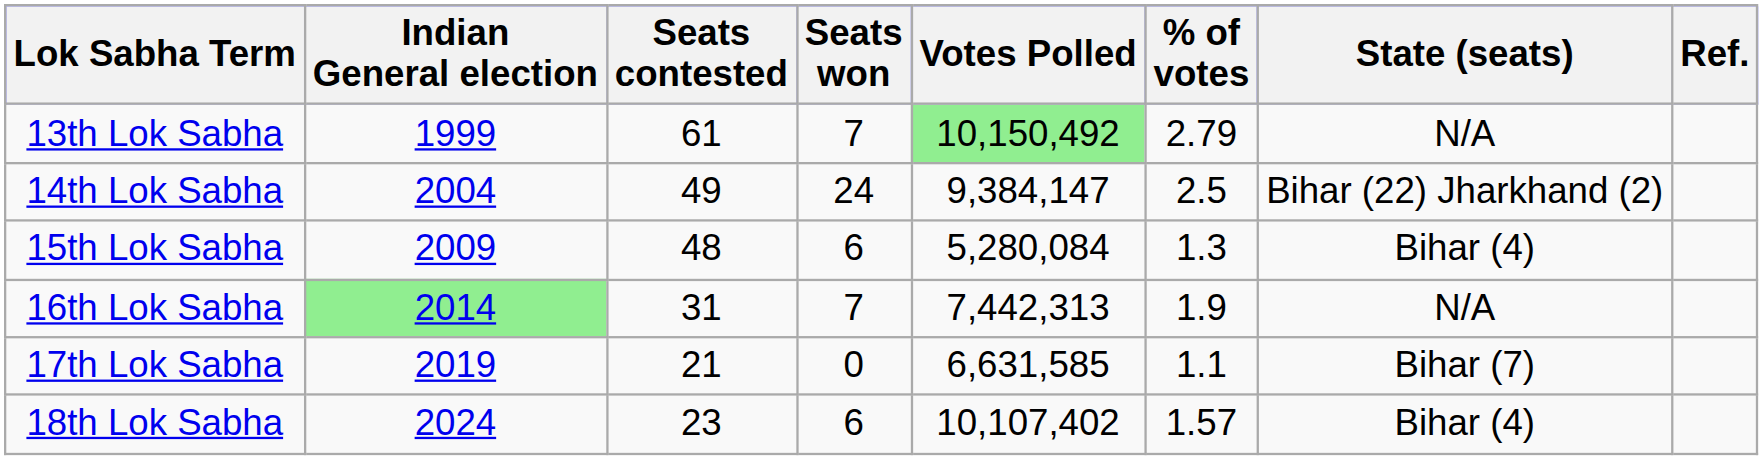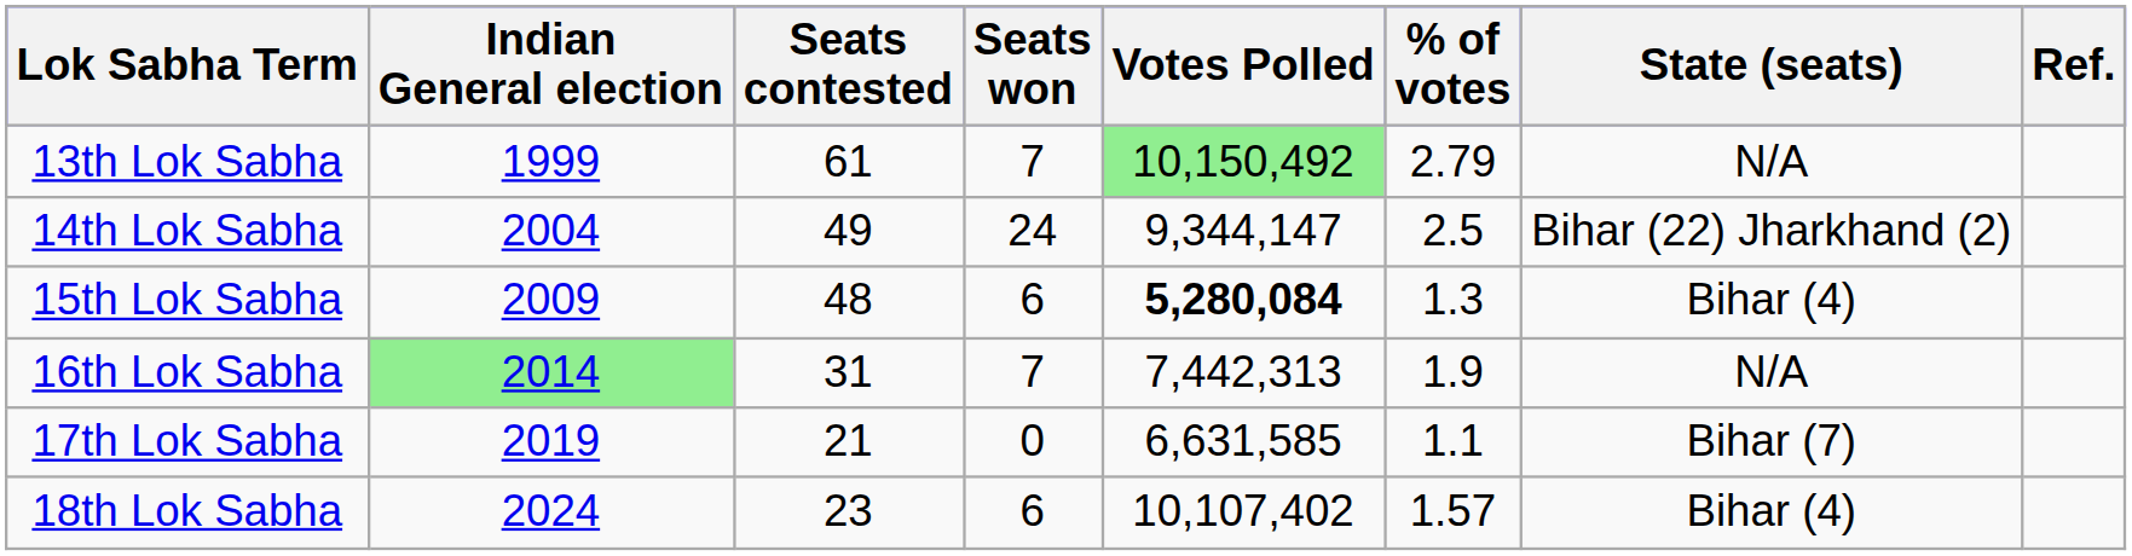 <table class="wikitable sortable" style="text-align:center;">
 <tr style="background:#00f;">
 <th Style="background-color:">Lok Sabha Term</th>
 <th Style="background-color:">Indian<br>General election</th>
 <th Style="background-color:">Seats<br>contested</th>
 <th Style="background-color:">Seats<br>won</th>
 <th Style="background-color:">Votes Polled</th>
 <th Style="background-color:">% of<br> votes</th>
 <th Style="background-color:">State (seats)</th>
 <th Style="background-color:">Ref.</th>
 </tr>
 <tr>
 <td><a href='#'>13th Lok Sabha</a></td>
 <td><a href='#'>1999</a></td>
 <td>61</td>
 <td>7</td>
 <td style="background: lightgreen;">10,150,492</td>
 <td>2.79</td>
 <td>N/A</td>
 <td></td>
 </tr>
 <tr>
 <td><a href='#'>14th Lok Sabha</a></td>
 <td><a href='#'>2004</a></td>
 <td>49</td>
 <td>24</td>
-<td>9,384,147</td>
+<td>9,344,147</td>
 <td>2.5</td>
 <td>Bihar (22) Jharkhand (2) <br></td>
 <td></td>
 </tr>
 <tr>
 <td><a href='#'>15th Lok Sabha</a></td>
 <td><a href='#'>2009</a></td>
 <td>48</td>
 <td>6</td>
-<td>5,280,084</td>
+<td><strong>5,280,084</strong></td>
 <td>1.3</td>
 <td>Bihar (4) <br></td>
 <td></td>
 </tr>
 <tr>
 <td><a href='#'>16th Lok Sabha</a></td>
 <td style="background: lightgreen;"><a href='#'>2014</a></td>
 <td>31</td>
 <td>7</td>
 <td>7,442,313</td>
 <td>1.9</td>
 <td>N/A</td>
 <td></td>
 </tr>
 <tr>
 <td><a href='#'>17th Lok Sabha</a></td>
 <td><a href='#'>2019</a></td>
 <td>21</td>
 <td>0</td>
 <td>6,631,585</td>
 <td>1.1</td>
 <td>Bihar (7)</td>
 <td></td>
 </tr>
 <tr>
 <td><a href='#'>18th Lok Sabha</a></td>
 <td><a href='#'>2024</a></td>
 <td>23</td>
 <td>6</td>
 <td>10,107,402</td>
 <td>1.57</td>
 <td>Bihar (4)</td>
 <td><br></td>
 </tr>
 </table>
